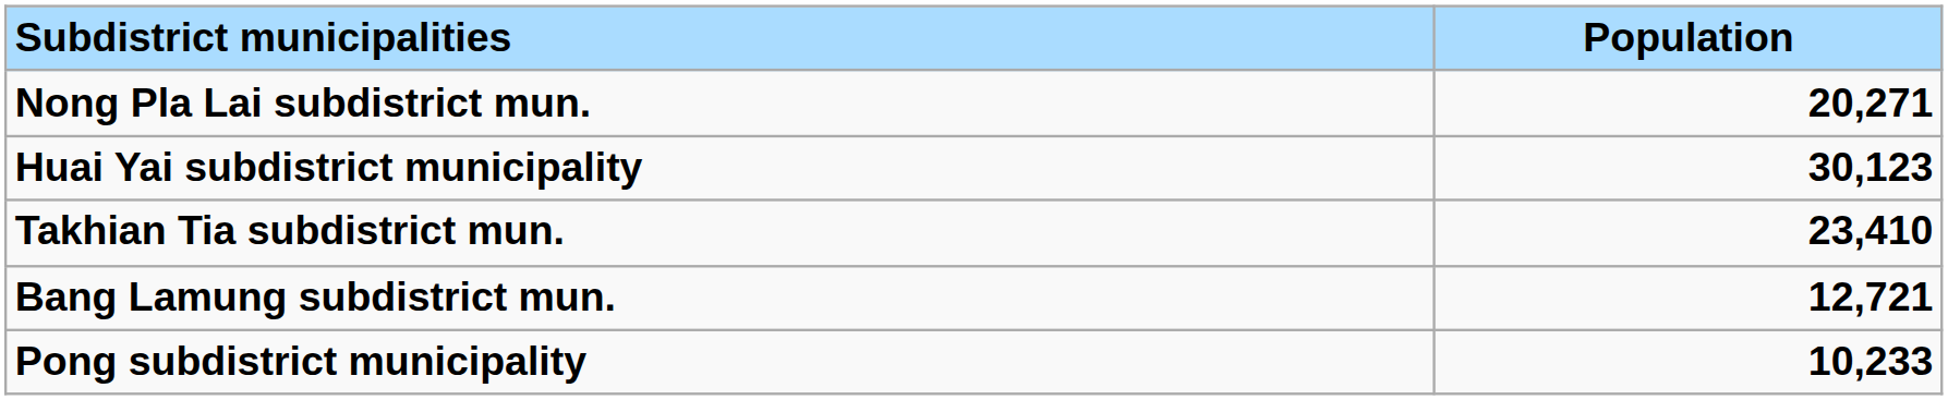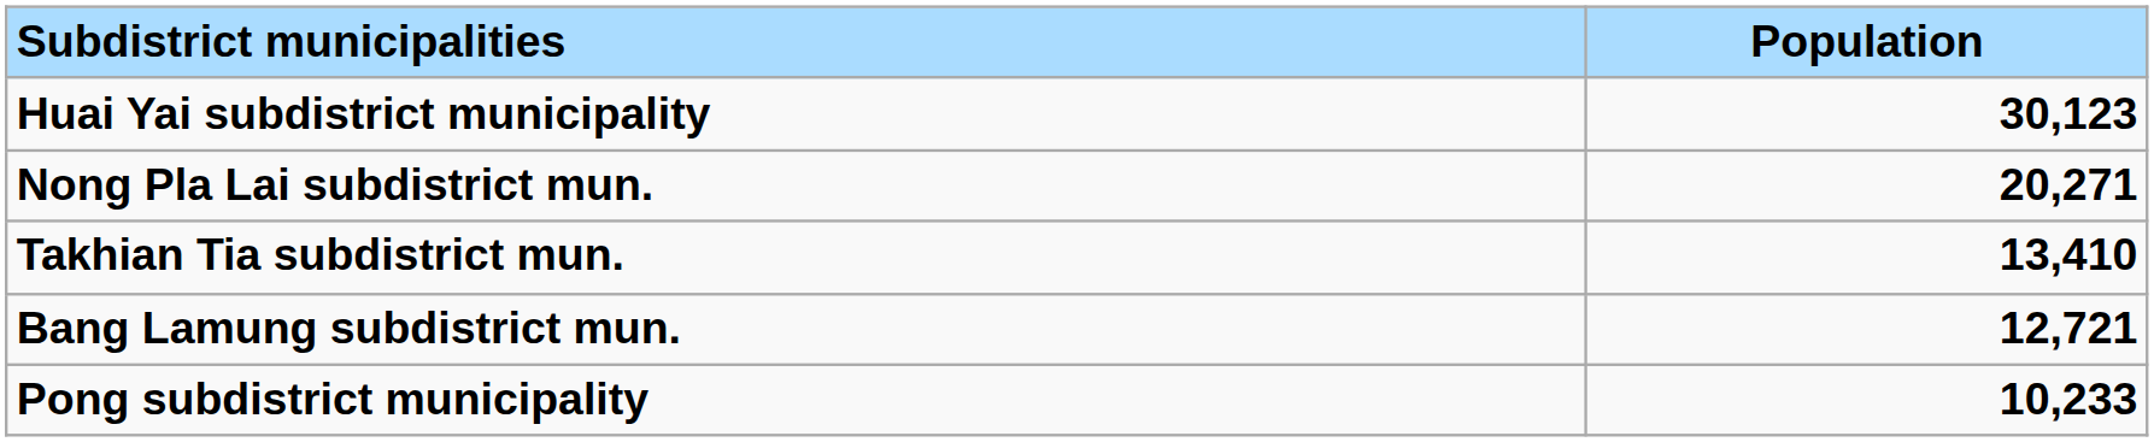 <table class="wikitable" style="width:48%; display:inline-table;">
 <tr>
 <td style= "background: #aadcff;"><strong>Subdistrict municipalities</strong></td>
 <td style= "background: #aadcff; text-align:center;"><strong>Population</strong></td>
 </tr>
 <tr>
+<td><strong>Huai Yai subdistrict municipality</strong></td>
+<td style="text-align:right;"><strong>30,123</strong></td>
+</tr>
+<tr>
 <td><strong>Nong Pla Lai subdistrict mun.</strong></td>
 <td style="text-align:right;"><strong>20,271</strong></td>
 </tr>
 <tr>
-<td><strong>Huai Yai subdistrict municipality</strong></td>
-<td style="text-align:right;"><strong>30,123</strong></td>
-</tr>
-<tr>
 <td><strong>Takhian Tia subdistrict mun.</strong></td>
-<td style="text-align:right;"><strong>23,410</strong></td>
+<td style="text-align:right;"><strong>13,410</strong></td>
 </tr>
 <tr>
 <td><strong>Bang Lamung subdistrict mun.</strong></td>
 <td style="text-align:right;"><strong>12,721</strong></td>
 </tr>
 <tr>
 <td><strong>Pong subdistrict municipality</strong></td>
 <td style="text-align:right;"><strong>10,233</strong></td>
 </tr>
 </table>
